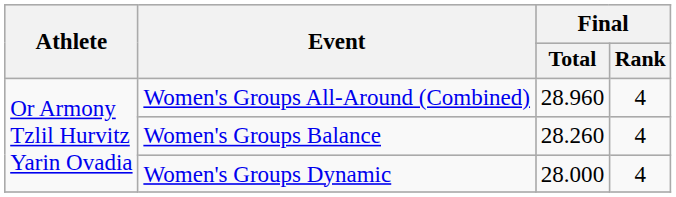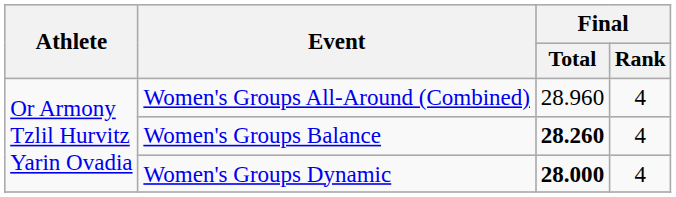 <table class="wikitable" style="font-size:90%">
 <tr>
 <th rowspan="2">Athlete</th>
 <th rowspan="2">Event</th>
 <th colspan="2">Final</th>
 </tr>
 <tr style="font-size:95%">
 <th>Total</th>
 <th>Rank</th>
 </tr>
 <tr align=center>
 <td rowspan="3" align=left><a href='#'>Or Armony</a><br><a href='#'>Tzlil Hurvitz</a><br><a href='#'>Yarin Ovadia</a></td>
 <td align=left><a href='#'>Women's Groups  All-Around (Combined)</a></td>
 <td>28.960</td>
 <td>4</td>
 </tr>
 <tr align=center>
 <td align=left><a href='#'>Women's Groups Balance</a></td>
-<td>28.260</td>
+<td><strong>28.260</strong></td>
 <td>4</td>
 </tr>
 <tr align=center>
 <td align=left><a href='#'>Women's Groups Dynamic</a></td>
-<td>28.000</td>
+<td><strong>28.000</strong></td>
 <td>4</td>
 </tr>
 </table>
